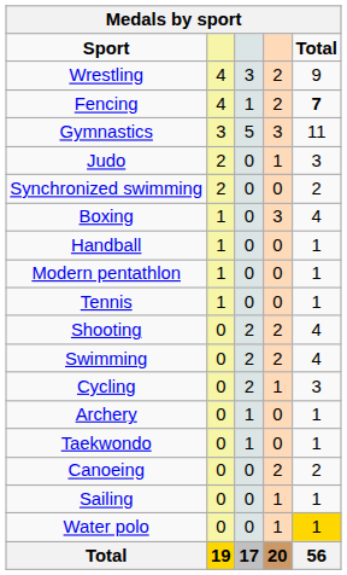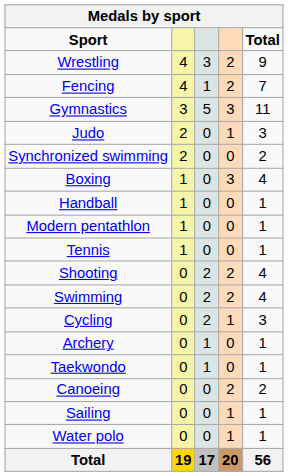 <table class="wikitable" style="font-size:85%; float:right;">
 <tr style="background:#efefef;">
 <th colspan=7>Medals by sport</th>
 </tr>
 <tr align=center>
 <td><strong>Sport</strong></td>
 <td style="background:#f7f6a8;"></td>
 <td style="background:#dce5e5;"></td>
 <td style="background:#ffdab9;"></td>
 <td><strong>Total</strong></td>
 </tr>
 <tr align=center>
 <td><a href='#'>Wrestling</a></td>
 <td style="background:#f7f6a8;">4</td>
 <td style="background:#dce5e5;">3</td>
 <td style="background:#ffdab9;">2</td>
 <td>9</td>
 </tr>
 <tr align=center>
 <td><a href='#'>Fencing</a></td>
 <td style="background:#f7f6a8;">4</td>
 <td style="background:#dce5e5;">1</td>
 <td style="background:#ffdab9;">2</td>
-<td><strong>7</strong></td>
+<td>7</td>
 </tr>
 <tr align=center>
 <td><a href='#'>Gymnastics</a></td>
 <td style="background:#f7f6a8;">3</td>
 <td style="background:#dce5e5;">5</td>
 <td style="background:#ffdab9;">3</td>
 <td>11</td>
 </tr>
 <tr align=center>
 <td><a href='#'>Judo</a></td>
 <td style="background:#f7f6a8;">2</td>
 <td style="background:#dce5e5;">0</td>
 <td style="background:#ffdab9;">1</td>
 <td>3</td>
 </tr>
 <tr align=center>
 <td><a href='#'>Synchronized swimming</a></td>
 <td style="background:#f7f6a8;">2</td>
 <td style="background:#dce5e5;">0</td>
 <td style="background:#ffdab9;">0</td>
 <td>2</td>
 </tr>
 <tr align=center>
 <td><a href='#'>Boxing</a></td>
 <td style="background:#f7f6a8;">1</td>
 <td style="background:#dce5e5;">0</td>
 <td style="background:#ffdab9;">3</td>
 <td>4</td>
 </tr>
 <tr align=center>
 <td><a href='#'>Handball</a></td>
 <td style="background:#f7f6a8;">1</td>
 <td style="background:#dce5e5;">0</td>
 <td style="background:#ffdab9;">0</td>
 <td>1</td>
 </tr>
 <tr align=center>
 <td><a href='#'>Modern pentathlon</a></td>
 <td style="background:#f7f6a8;">1</td>
 <td style="background:#dce5e5;">0</td>
 <td style="background:#ffdab9;">0</td>
 <td>1</td>
 </tr>
 <tr align=center>
 <td><a href='#'>Tennis</a></td>
 <td style="background:#f7f6a8;">1</td>
 <td style="background:#dce5e5;">0</td>
 <td style="background:#ffdab9;">0</td>
 <td>1</td>
 </tr>
 <tr align=center>
 <td><a href='#'>Shooting</a></td>
 <td style="background:#f7f6a8;">0</td>
 <td style="background:#dce5e5;">2</td>
 <td style="background:#ffdab9;">2</td>
 <td>4</td>
 </tr>
 <tr align=center>
 <td><a href='#'>Swimming</a></td>
 <td style="background:#f7f6a8;">0</td>
 <td style="background:#dce5e5;">2</td>
 <td style="background:#ffdab9;">2</td>
 <td>4</td>
 </tr>
 <tr align=center>
 <td><a href='#'>Cycling</a></td>
 <td style="background:#f7f6a8;">0</td>
 <td style="background:#dce5e5;">2</td>
 <td style="background:#ffdab9;">1</td>
 <td>3</td>
 </tr>
 <tr align=center>
 <td><a href='#'>Archery</a></td>
 <td style="background:#f7f6a8;">0</td>
 <td style="background:#dce5e5;">1</td>
 <td style="background:#ffdab9;">0</td>
 <td>1</td>
 </tr>
 <tr align=center>
 <td><a href='#'>Taekwondo</a></td>
 <td style="background:#f7f6a8;">0</td>
 <td style="background:#dce5e5;">1</td>
 <td style="background:#ffdab9;">0</td>
 <td>1</td>
 </tr>
 <tr align=center>
 <td><a href='#'>Canoeing</a></td>
 <td style="background:#f7f6a8;">0</td>
 <td style="background:#dce5e5;">0</td>
 <td style="background:#ffdab9;">2</td>
 <td>2</td>
 </tr>
 <tr align=center>
 <td><a href='#'>Sailing</a></td>
 <td style="background:#f7f6a8;">0</td>
 <td style="background:#dce5e5;">0</td>
 <td style="background:#ffdab9;">1</td>
 <td>1</td>
 </tr>
 <tr align=center>
 <td><a href='#'>Water polo</a></td>
 <td style="background:#f7f6a8;">0</td>
 <td style="background:#dce5e5;">0</td>
 <td style="background:#ffdab9;">1</td>
-<td style="background: gold;">1</td>
+<td>1</td>
 </tr>
 <tr align=center>
 <th>Total</th>
 <th style="background:gold;">19</th>
 <th style="background:silver;">17</th>
 <th style="background:#c96;">20</th>
 <th>56</th>
 </tr>
 </table>
